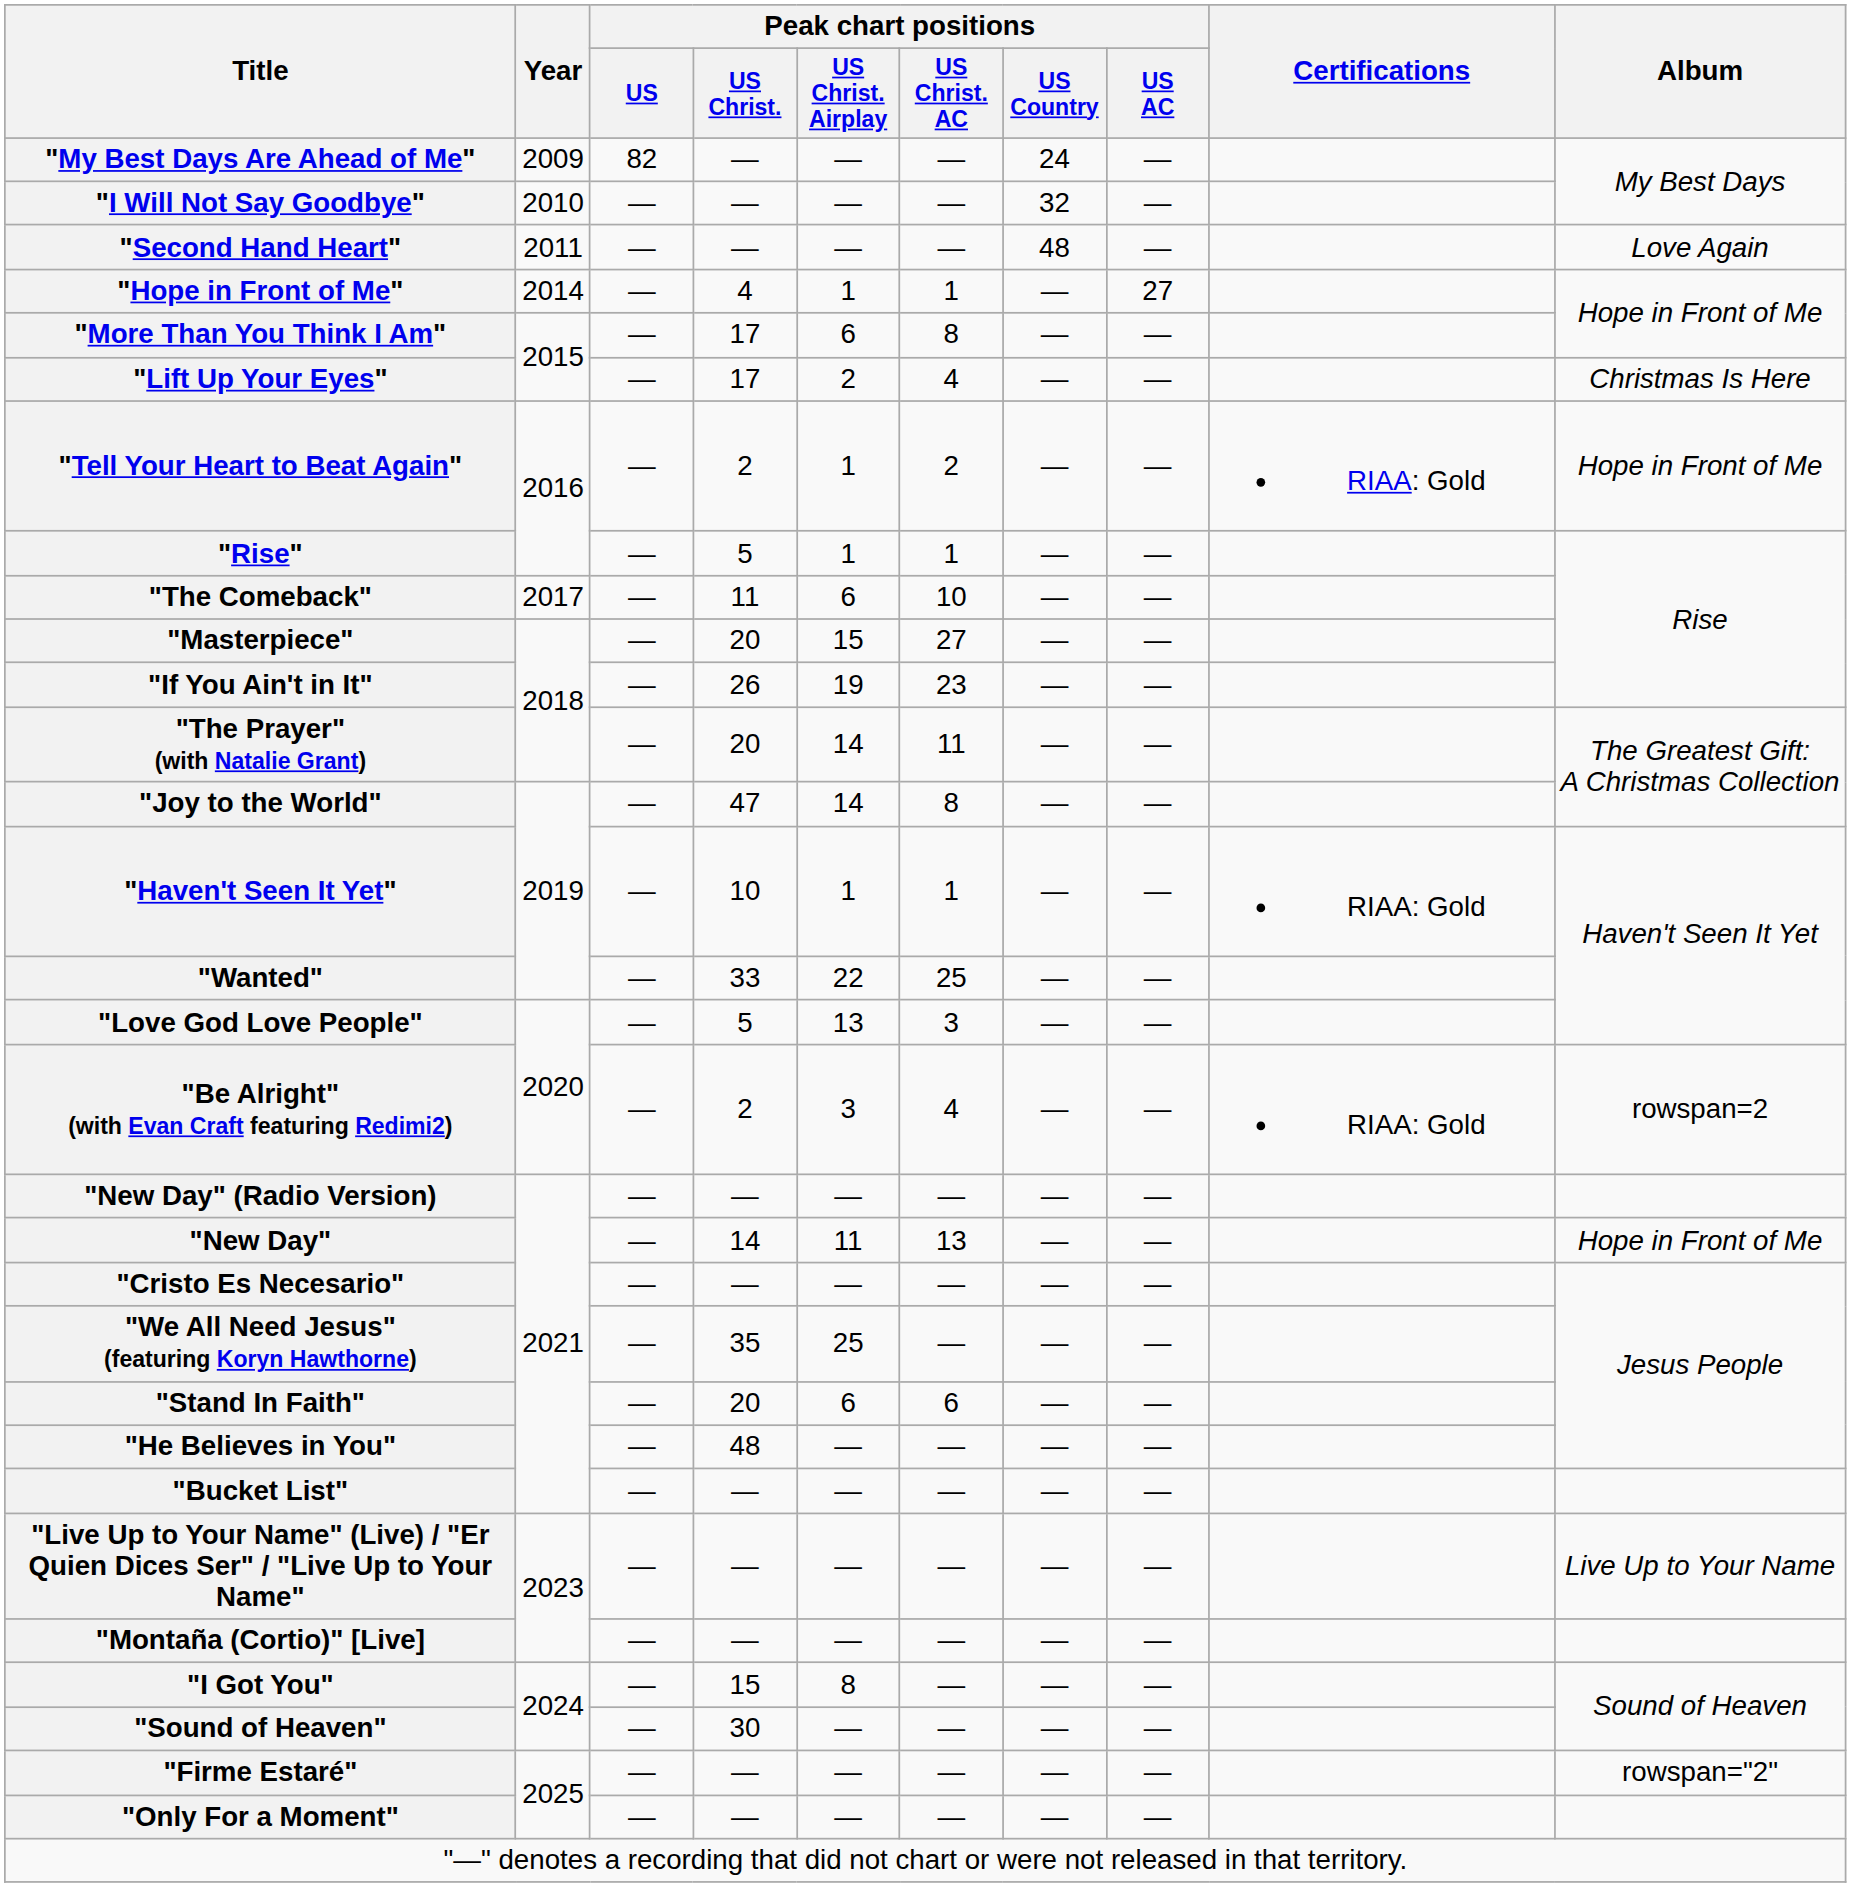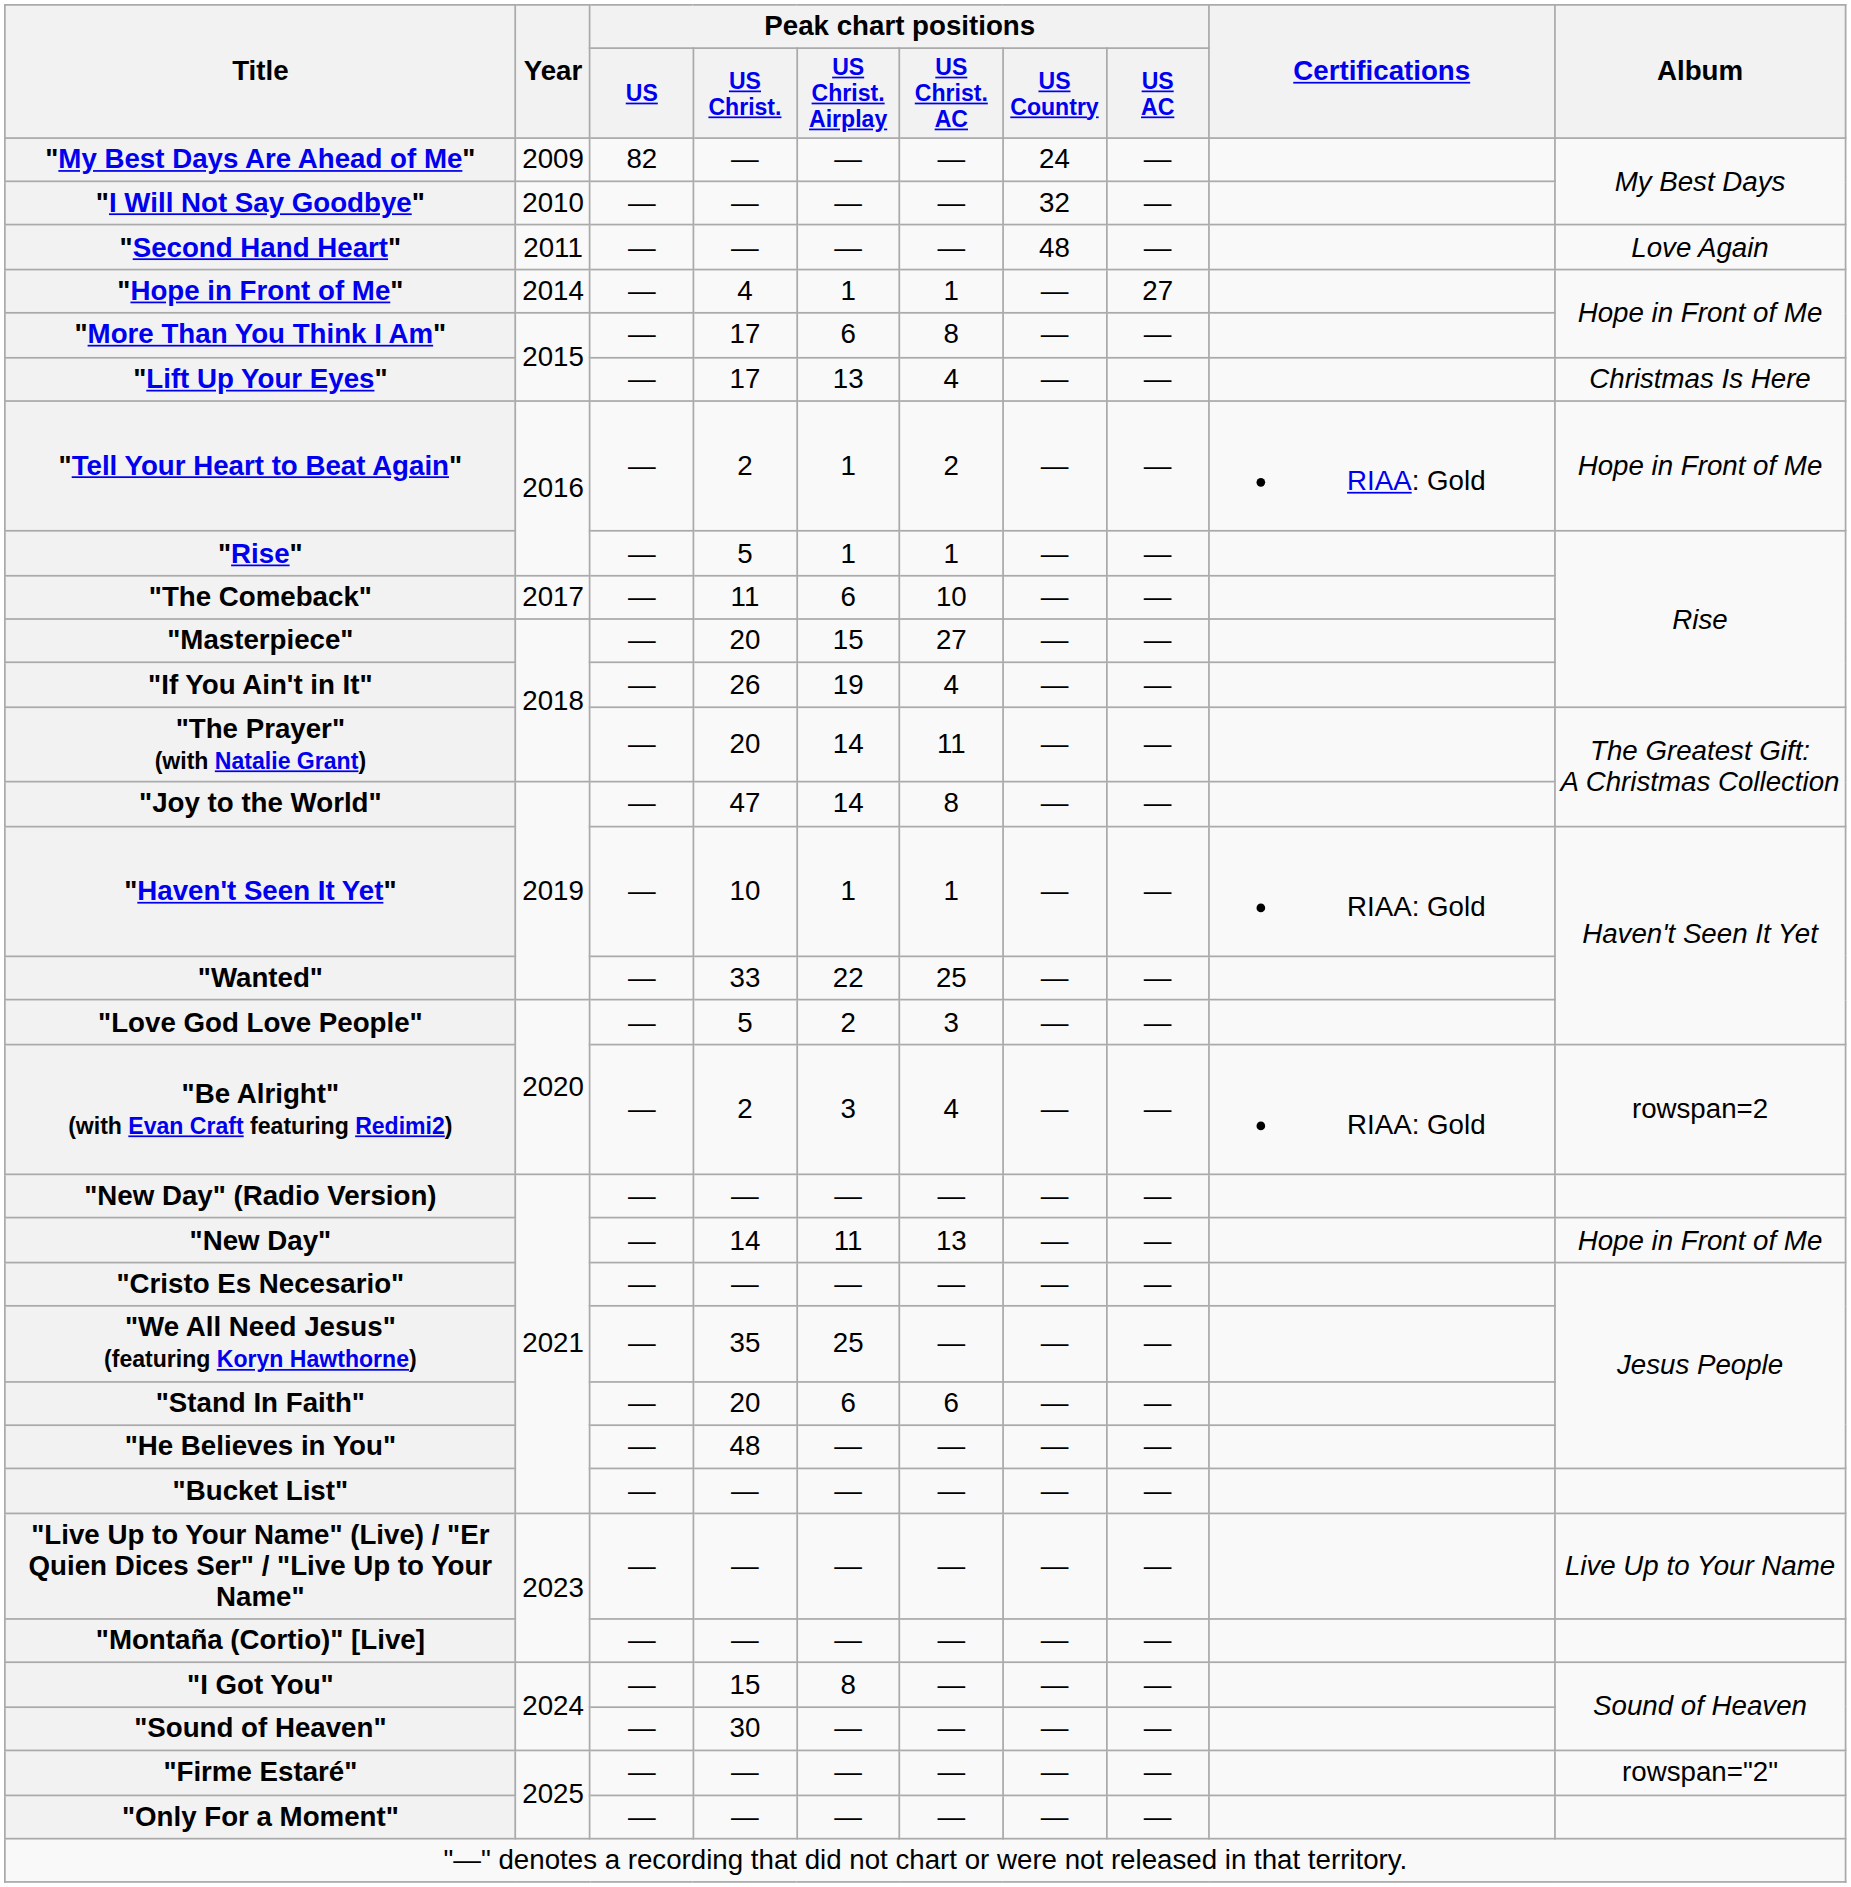 <table class="wikitable plainrowheaders" style="text-align:center;">
 <tr>
 <th rowspan="2" style="width:18em;">Title</th>
 <th rowspan="2" style="width:1em;">Year</th>
 <th colspan="6">Peak chart positions</th>
 <th scope="col" rowspan="2" style="width:12em;"><a href='#'>Certifications</a></th>
 <th rowspan="2">Album</th>
 </tr>
 <tr style="font-size:smaller;">
 <th style="width:4em;"><a href='#'>US</a><br></th>
 <th style="width:4em;"><a href='#'>US Christ.</a><br></th>
 <th style="width:4em;"><a href='#'>US<br>Christ.<br>Airplay</a><br></th>
 <th style="width:4em;"><a href='#'>US Christ. AC</a><br></th>
 <th style="width:4em;"><a href='#'>US Country</a><br></th>
 <th style="width:4em;"><a href='#'>US<br>AC</a><br></th>
 </tr>
 <tr>
 <th scope="row">"<a href='#'>My Best Days Are Ahead of Me</a>"</th>
 <td>2009</td>
 <td>82</td>
 <td>—</td>
 <td>—</td>
 <td>—</td>
 <td>24</td>
 <td>—</td>
 <td></td>
 <td rowspan="2"><em>My Best Days</em></td>
 </tr>
 <tr>
 <th scope="row">"<a href='#'>I Will Not Say Goodbye</a>"</th>
 <td>2010</td>
 <td>—</td>
 <td>—</td>
 <td>—</td>
 <td>—</td>
 <td>32</td>
 <td>—</td>
 <td></td>
 </tr>
 <tr>
 <th scope="row">"<a href='#'>Second Hand Heart</a>"</th>
 <td>2011</td>
 <td>—</td>
 <td>—</td>
 <td>—</td>
 <td>—</td>
 <td>48</td>
 <td>—</td>
 <td></td>
 <td><em>Love Again</em></td>
 </tr>
 <tr>
 <th scope="row">"<a href='#'>Hope in Front of Me</a>"</th>
 <td>2014</td>
 <td>—</td>
 <td>4</td>
 <td>1</td>
 <td>1</td>
 <td>—</td>
 <td>27</td>
 <td></td>
 <td rowspan="2"><em>Hope in Front of Me</em></td>
 </tr>
 <tr>
 <th scope="row">"<a href='#'>More Than You Think I Am</a>"</th>
 <td rowspan="2">2015</td>
 <td>—</td>
 <td>17</td>
 <td>6</td>
 <td>8</td>
 <td>—</td>
 <td>—</td>
 <td></td>
 </tr>
 <tr>
 <th scope="row">"<a href='#'>Lift Up Your Eyes</a>"</th>
 <td>—</td>
 <td>17</td>
-<td>2</td>
+<td>13</td>
 <td>4</td>
 <td>—</td>
 <td>—</td>
 <td></td>
 <td><em>Christmas Is Here</em></td>
 </tr>
 <tr>
 <th scope="row">"<a href='#'>Tell Your Heart to Beat Again</a>"</th>
 <td rowspan="2">2016</td>
 <td>—</td>
 <td>2</td>
 <td>1</td>
 <td>2</td>
 <td>—</td>
 <td>—</td>
 <td><br><ul><li><a href='#'>RIAA</a>: Gold</li></ul></td>
 <td><em>Hope in Front of Me</em></td>
 </tr>
 <tr>
 <th scope="row">"<a href='#'>Rise</a>"</th>
 <td>—</td>
 <td>5</td>
 <td>1</td>
 <td>1</td>
 <td>—</td>
 <td>—</td>
 <td></td>
 <td rowspan="4"><em>Rise</em></td>
 </tr>
 <tr>
 <th scope="row">"The Comeback"</th>
 <td>2017</td>
 <td>—</td>
 <td>11</td>
 <td>6</td>
 <td>10</td>
 <td>—</td>
 <td>—</td>
 <td></td>
 </tr>
 <tr>
 <th scope="row">"Masterpiece"</th>
 <td rowspan="3">2018</td>
 <td>—</td>
 <td>20</td>
 <td>15</td>
 <td>27</td>
 <td>—</td>
 <td>—</td>
 <td></td>
 </tr>
 <tr>
 <th scope="row">"If You Ain't in It"</th>
 <td>—</td>
 <td>26</td>
 <td>19</td>
-<td>23</td>
+<td>4</td>
 <td>—</td>
 <td>—</td>
 <td></td>
 </tr>
 <tr>
 <th scope="row">"The Prayer" <br><small>(with <a href='#'>Natalie Grant</a>)</small></th>
 <td>—</td>
 <td>20</td>
 <td>14</td>
 <td>11</td>
 <td>—</td>
 <td>—</td>
 <td></td>
 <td rowspan="2"><em>The Greatest Gift:<br>A Christmas Collection</em></td>
 </tr>
 <tr>
 <th scope="row">"Joy to the World"</th>
 <td rowspan="3">2019</td>
 <td>—</td>
 <td>47</td>
 <td>14</td>
 <td>8</td>
 <td>—</td>
 <td>—</td>
 <td></td>
 </tr>
 <tr>
 <th scope="row">"<a href='#'>Haven't Seen It Yet</a>"</th>
 <td>—</td>
 <td>10</td>
 <td>1</td>
 <td>1</td>
 <td>—</td>
 <td>—</td>
 <td><br><ul><li>RIAA: Gold</li></ul></td>
 <td rowspan="3"><em>Haven't Seen It Yet</em></td>
 </tr>
 <tr>
 <th scope="row">"Wanted"</th>
 <td>—</td>
 <td>33</td>
 <td>22</td>
 <td>25</td>
 <td>—</td>
 <td>—</td>
 <td></td>
 </tr>
 <tr>
 <th scope="row">"Love God Love People"</th>
 <td rowspan="2">2020</td>
 <td>—</td>
 <td>5</td>
-<td>13</td>
+<td>2</td>
 <td>3</td>
 <td>—</td>
 <td>—</td>
 <td></td>
 </tr>
 <tr>
 <th scope="row">"Be Alright" <br><small>(with <a href='#'>Evan Craft</a> featuring <a href='#'>Redimi2</a>)</small></th>
 <td>—</td>
 <td>2</td>
 <td>3</td>
 <td>4</td>
 <td>—</td>
 <td>—</td>
 <td><br><ul><li>RIAA: Gold</li></ul></td>
 <td>rowspan=2 </td>
 </tr>
 <tr>
 <th scope="row">"New Day" (Radio Version)</th>
 <td rowspan="7">2021</td>
 <td>—</td>
 <td>—</td>
 <td>—</td>
 <td>—</td>
 <td>—</td>
 <td>—</td>
 <td></td>
 </tr>
 <tr>
 <th scope="row">"New Day"</th>
 <td>—</td>
 <td>14</td>
 <td>11</td>
 <td>13</td>
 <td>—</td>
 <td>—</td>
 <td></td>
 <td><em>Hope in Front of Me</em></td>
 </tr>
 <tr>
 <th scope="row">"Cristo Es Necesario"<br> </th>
 <td>—</td>
 <td>—</td>
 <td>—</td>
 <td>—</td>
 <td>—</td>
 <td>—</td>
 <td></td>
 <td rowspan="4"><em>Jesus People</em></td>
 </tr>
 <tr>
 <th scope="row">"We All Need Jesus" <br><small>(featuring <a href='#'>Koryn Hawthorne</a>)</small></th>
 <td>—</td>
 <td>35</td>
 <td>25</td>
 <td>—</td>
 <td>—</td>
 <td>—</td>
 <td></td>
 </tr>
 <tr>
 <th scope="row">"Stand In Faith"</th>
 <td>—</td>
 <td>20</td>
 <td>6</td>
 <td>6</td>
 <td>—</td>
 <td>—</td>
 <td></td>
 </tr>
 <tr>
 <th scope="row">"He Believes in You"</th>
 <td>—</td>
 <td>48</td>
 <td>—</td>
 <td>—</td>
 <td>—</td>
 <td>—</td>
 <td></td>
 </tr>
 <tr>
 <th scope="row">"Bucket List"<br> </th>
 <td>—</td>
 <td>—</td>
 <td>—</td>
 <td>—</td>
 <td>—</td>
 <td>—</td>
 <td></td>
 <td></td>
 </tr>
 <tr>
 <th scope="row">"Live Up to Your Name" (Live) /  "Er Quien Dices Ser" / "Live Up to Your Name"</th>
 <td rowspan="2">2023</td>
 <td>—</td>
 <td>—</td>
 <td>—</td>
 <td>—</td>
 <td>—</td>
 <td>—</td>
 <td></td>
 <td><em>Live Up to Your Name</em></td>
 </tr>
 <tr>
 <th scope="row">"Montaña (Cortio)" [Live]</th>
 <td>—</td>
 <td>—</td>
 <td>—</td>
 <td>—</td>
 <td>—</td>
 <td>—</td>
 <td></td>
 <td></td>
 </tr>
 <tr>
 <th scope="row">"I Got You"</th>
 <td rowspan="2">2024</td>
 <td>—</td>
 <td>15</td>
 <td>8</td>
 <td>—</td>
 <td>—</td>
 <td>—</td>
 <td></td>
 <td rowspan="2"><em>Sound of Heaven</em></td>
 </tr>
 <tr>
 <th scope="row">"Sound of Heaven"</th>
 <td>—</td>
 <td>30</td>
 <td>—</td>
 <td>—</td>
 <td>—</td>
 <td>—</td>
 <td></td>
 </tr>
 <tr>
 <th scope="row">"Firme Estaré"</th>
 <td rowspan="2">2025</td>
 <td>—</td>
 <td>—</td>
 <td>—</td>
 <td>—</td>
 <td>—</td>
 <td>—</td>
 <td></td>
 <td>rowspan="2" </td>
 </tr>
 <tr>
 <th scope="row">"Only For a Moment"</th>
 <td>—</td>
 <td>—</td>
 <td>—</td>
 <td>—</td>
 <td>—</td>
 <td>—</td>
 <td></td>
 </tr>
 <tr>
 <td colspan="11">"—" denotes a recording that did not chart or were not released in that territory.</td>
 </tr>
 </table>
